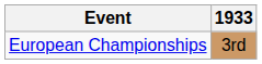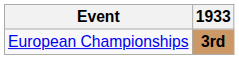 <table class="wikitable">
 <tr>
 <th>Event</th>
 <th>1933</th>
 </tr>
 <tr>
 <td><a href='#'>European Championships</a></td>
-<td align="center" bgcolor="CC9966">3rd</td>
+<td align="center" bgcolor="CC9966"><strong>3rd</strong></td>
 </tr>
 </table>
